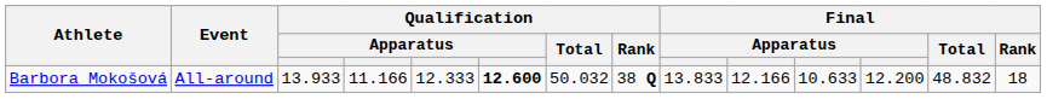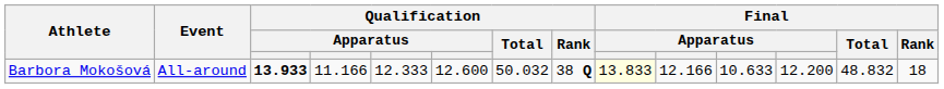 <table class="wikitable" style="font-size:90%">
 <tr>
 <th rowspan=3>Athlete</th>
 <th rowspan=3>Event</th>
 <th colspan=6>Qualification</th>
 <th colspan=6>Final</th>
 </tr>
 <tr style="font-size:95%">
 <th colspan=4>Apparatus</th>
 <th rowspan=2>Total</th>
 <th rowspan=2>Rank</th>
 <th colspan=4>Apparatus</th>
 <th rowspan=2>Total</th>
 <th rowspan=2>Rank</th>
 </tr>
 <tr style="font-size:95%">
 <th></th>
 <th></th>
 <th></th>
 <th></th>
 <th></th>
 <th></th>
 <th></th>
 <th></th>
 </tr>
 <tr align=center>
 <td align=left><a href='#'>Barbora Mokošová</a></td>
 <td align=left><a href='#'>All-around</a></td>
-<td>13.933</td>
+<td><strong>13.933</strong></td>
 <td>11.166</td>
 <td>12.333</td>
-<td><strong>12.600</strong></td>
+<td>12.600</td>
 <td>50.032</td>
 <td>38 <strong>Q</strong></td>
-<td>13.833</td>
+<td style="background: lightyellow;">13.833</td>
 <td>12.166</td>
 <td>10.633</td>
 <td>12.200</td>
 <td>48.832</td>
 <td>18</td>
 </tr>
 </table>
